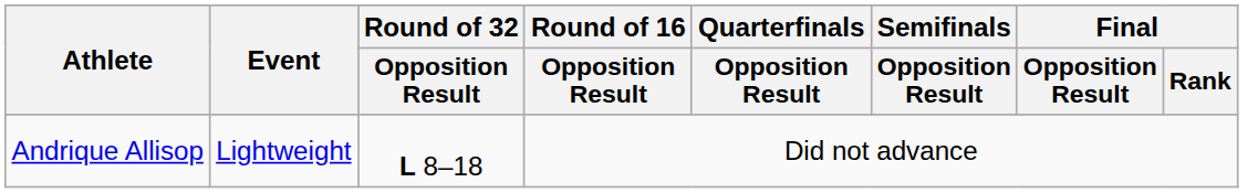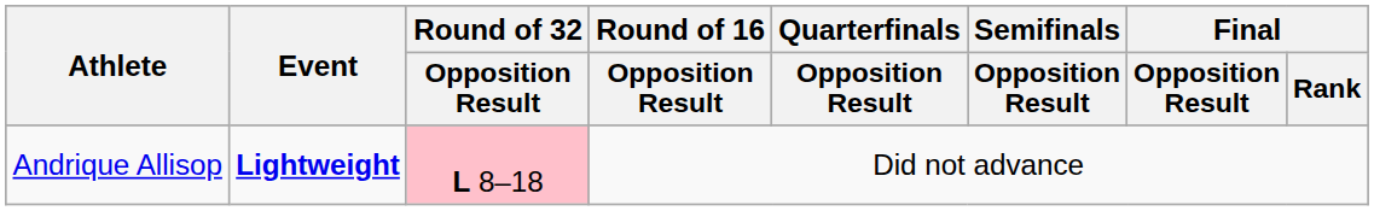 <table class="wikitable" style="font-size:90%">
 <tr>
 <th rowspan=2>Athlete</th>
 <th rowspan=2>Event</th>
 <th>Round of 32</th>
 <th>Round of 16</th>
 <th>Quarterfinals</th>
 <th>Semifinals</th>
 <th colspan=2>Final</th>
 </tr>
 <tr style="font-size:95%">
 <th>Opposition<br>Result</th>
 <th>Opposition<br>Result</th>
 <th>Opposition<br>Result</th>
 <th>Opposition<br>Result</th>
 <th>Opposition<br>Result</th>
 <th>Rank</th>
 </tr>
 <tr align=center>
 <td align=left><a href='#'>Andrique Allisop</a></td>
-<td align=left><a href='#'>Lightweight</a></td>
-<td><br><strong>L</strong> 8–18</td>
+<td align=left><strong><a href='#'>Lightweight</a></strong></td>
+<td style="background: pink;"><br><strong>L</strong> 8–18</td>
 <td colspan=5>Did not advance</td>
 </tr>
 </table>
